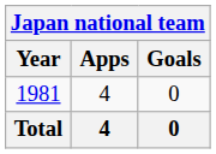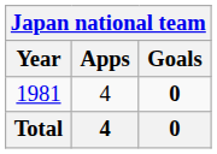 <table class="wikitable" style="text-align:center">
 <tr>
 <th colspan=3><a href='#'>Japan national team</a></th>
 </tr>
 <tr>
 <th>Year</th>
 <th>Apps</th>
 <th>Goals</th>
 </tr>
 <tr>
 <td><a href='#'>1981</a></td>
 <td>4</td>
-<td>0</td>
+<td><strong>0</strong></td>
 </tr>
 <tr>
 <th>Total</th>
 <th>4</th>
 <th>0</th>
 </tr>
 </table>
